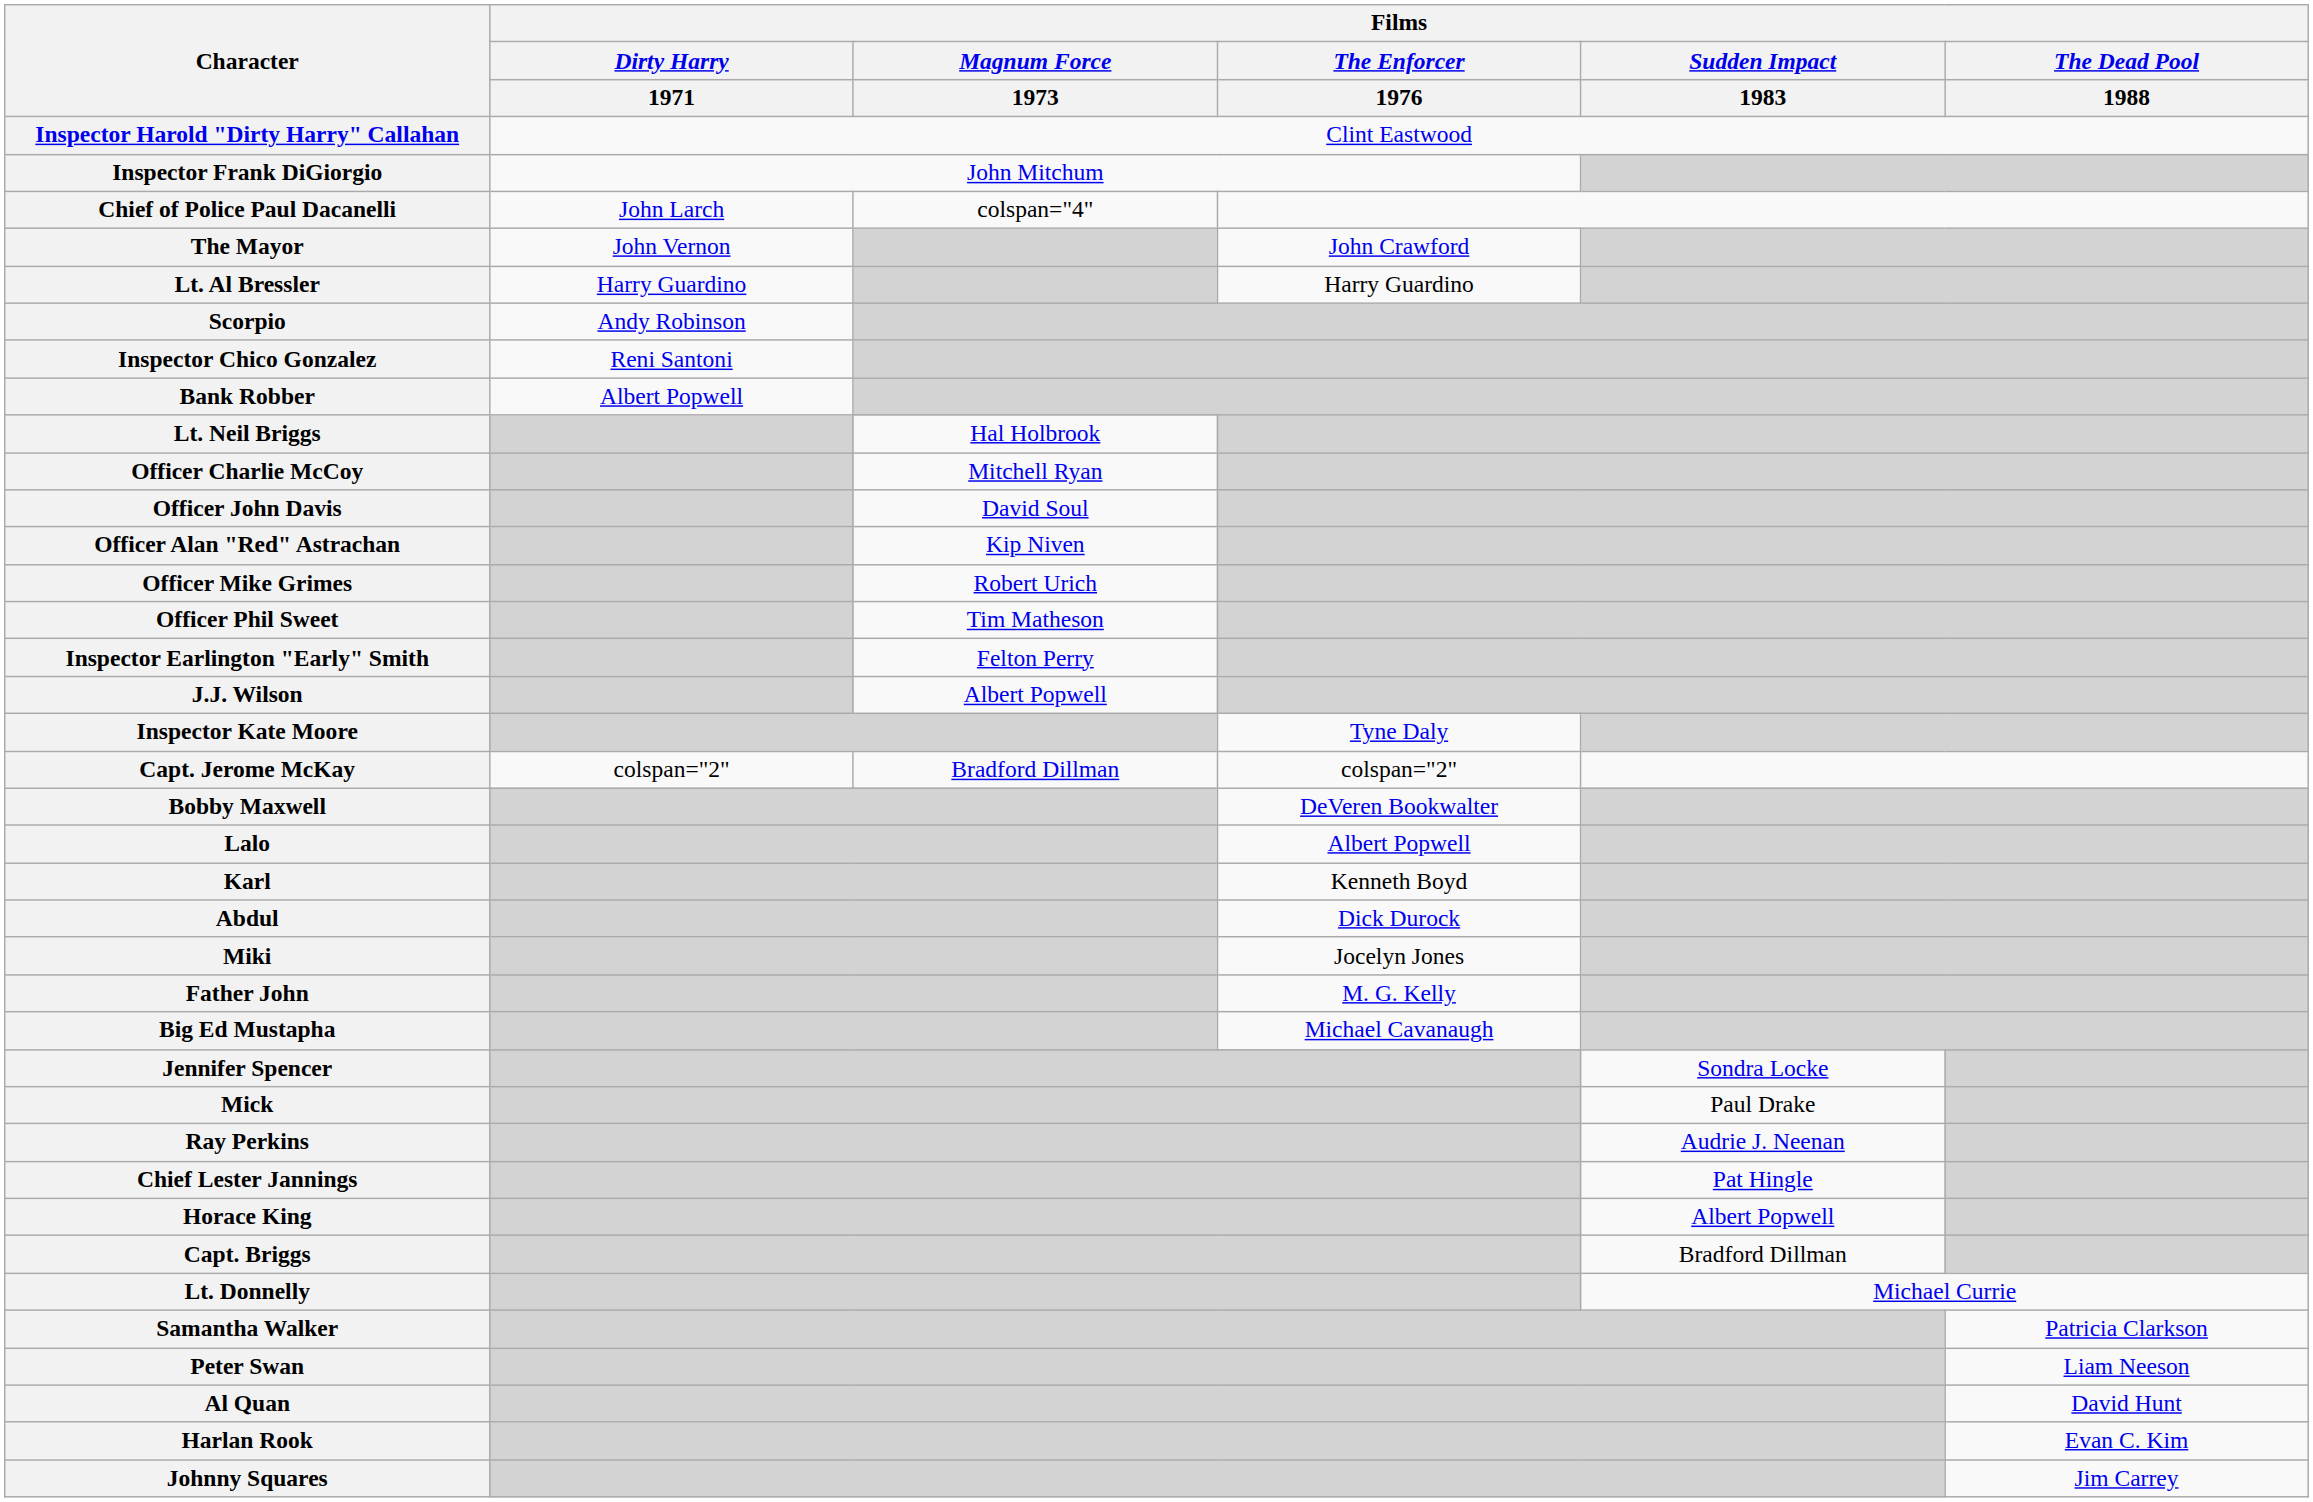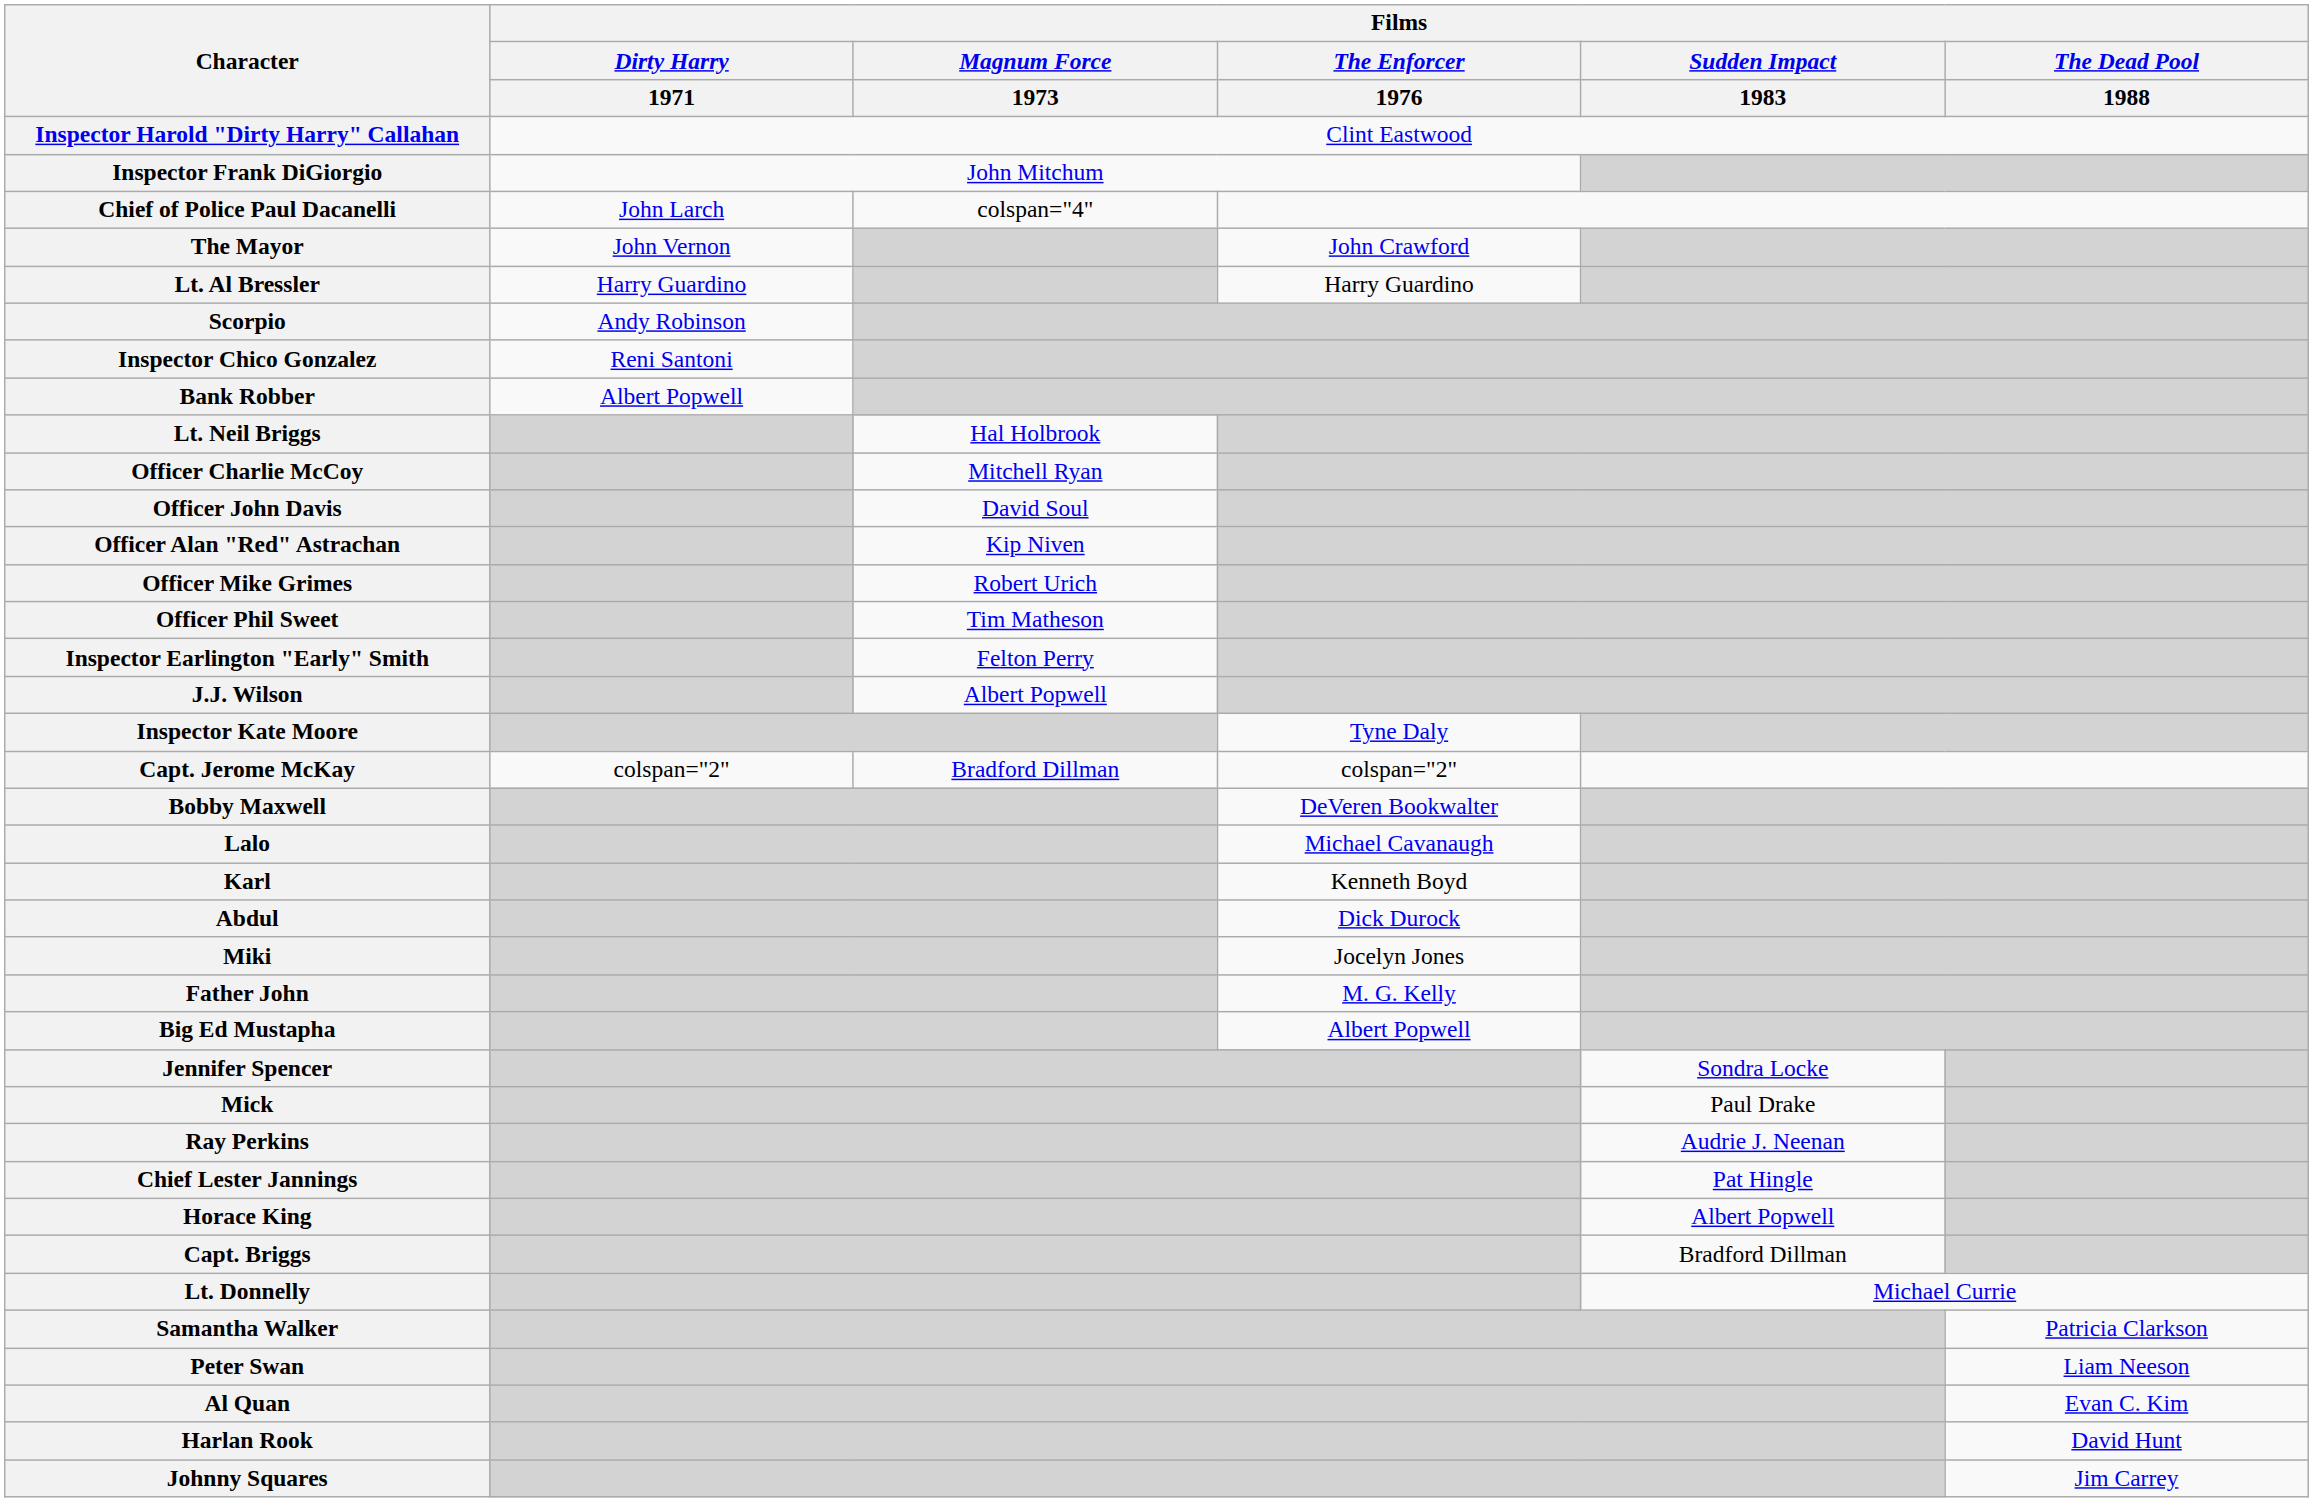 <table class="wikitable" style="text-align:center" width=99%>
 <tr>
 <th rowspan="3" width="20%">Character</th>
 <th colspan="5" align="center">Films</th>
 </tr>
 <tr>
 <th align="center" width="15%"><em><a href='#'>Dirty Harry</a></em></th>
 <th align="center" width="15%"><em><a href='#'>Magnum Force</a></em></th>
 <th align="center" width="15%"><em><a href='#'>The Enforcer</a></em></th>
 <th align="center" width="15%"><em><a href='#'>Sudden Impact</a></em></th>
 <th align="center" width="15%"><em><a href='#'>The Dead Pool</a></em></th>
 </tr>
 <tr>
 <th>1971</th>
 <th>1973</th>
 <th>1976</th>
 <th>1983</th>
 <th>1988</th>
 </tr>
 <tr>
 <th><a href='#'>Inspector Harold "Dirty Harry" Callahan</a></th>
 <td colspan="5"><a href='#'>Clint Eastwood</a></td>
 </tr>
 <tr>
 <th>Inspector Frank DiGiorgio</th>
 <td colspan="3"><a href='#'>John Mitchum</a></td>
 <td colspan="2" style="background:lightgrey;"> </td>
 </tr>
 <tr>
 <th>Chief of Police Paul Dacanelli</th>
 <td><a href='#'>John Larch</a></td>
 <td>colspan="4" </td>
 </tr>
 <tr>
 <th>The Mayor</th>
 <td colspan="1"><a href='#'>John Vernon</a></td>
 <td colspan="1" style="background:lightgrey;"> </td>
 <td colspan="1"><a href='#'>John Crawford</a></td>
 <td colspan="2" style="background:lightgrey;"> </td>
 </tr>
 <tr>
 <th>Lt. Al Bressler</th>
 <td colspan="1"><a href='#'>Harry Guardino</a></td>
 <td colspan="1" style="background:lightgrey;"> </td>
 <td colspan="1">Harry Guardino</td>
 <td colspan="2" style="background:lightgrey;"> </td>
 </tr>
 <tr>
 <th>Scorpio</th>
 <td colspan="1"><a href='#'>Andy Robinson</a></td>
 <td colspan="4" style="background:lightgrey;"> </td>
 </tr>
 <tr>
 <th>Inspector Chico Gonzalez</th>
 <td colspan="1"><a href='#'>Reni Santoni</a></td>
 <td colspan="4" style="background:lightgrey;"> </td>
 </tr>
 <tr>
 <th>Bank Robber</th>
 <td colspan="1"><a href='#'>Albert Popwell</a></td>
 <td colspan="4" style="background:lightgrey;"> </td>
 </tr>
 <tr>
 <th>Lt. Neil Briggs</th>
 <td colspan="1" style="background:lightgrey;"> </td>
 <td colspan="1"><a href='#'>Hal Holbrook</a></td>
 <td colspan="3" style="background:lightgrey;"> </td>
 </tr>
 <tr>
 <th>Officer Charlie McCoy</th>
 <td colspan="1" style="background:lightgrey;"> </td>
 <td colspan="1"><a href='#'>Mitchell Ryan</a></td>
 <td colspan="3" style="background:lightgrey;"> </td>
 </tr>
 <tr>
 <th>Officer John Davis</th>
 <td colspan="1" style="background:lightgrey;"> </td>
 <td colspan="1"><a href='#'>David Soul</a></td>
 <td colspan="3" style="background:lightgrey;"> </td>
 </tr>
 <tr>
 <th>Officer Alan "Red" Astrachan</th>
 <td colspan="1" style="background:lightgrey;"> </td>
 <td colspan="1"><a href='#'>Kip Niven</a></td>
 <td colspan="3" style="background:lightgrey;"> </td>
 </tr>
 <tr>
 <th>Officer Mike Grimes</th>
 <td colspan="1" style="background:lightgrey;"> </td>
 <td colspan="1"><a href='#'>Robert Urich</a></td>
 <td colspan="3" style="background:lightgrey;"> </td>
 </tr>
 <tr>
 <th>Officer Phil Sweet</th>
 <td colspan="1" style="background:lightgrey;"> </td>
 <td colspan="1"><a href='#'>Tim Matheson</a></td>
 <td colspan="3" style="background:lightgrey;"> </td>
 </tr>
 <tr>
 <th>Inspector Earlington "Early" Smith</th>
 <td colspan="1" style="background:lightgrey;"> </td>
 <td colspan="1"><a href='#'>Felton Perry</a></td>
 <td colspan="3" style="background:lightgrey;"> </td>
 </tr>
 <tr>
 <th>J.J. Wilson</th>
 <td colspan="1" style="background:lightgrey;"> </td>
 <td colspan="1"><a href='#'>Albert Popwell</a></td>
 <td colspan="3" style="background:lightgrey;"> </td>
 </tr>
 <tr>
 <th>Inspector Kate Moore</th>
 <td colspan="2" style="background:lightgrey;"> </td>
 <td colspan="1"><a href='#'>Tyne Daly</a></td>
 <td colspan="2" style="background:lightgrey;"> </td>
 </tr>
 <tr>
 <th>Capt. Jerome McKay</th>
 <td>colspan="2" </td>
 <td><a href='#'>Bradford Dillman</a></td>
 <td>colspan="2" </td>
 </tr>
 <tr>
 <th>Bobby Maxwell</th>
 <td colspan="2" style="background:lightgrey;"> </td>
 <td colspan="1"><a href='#'>DeVeren Bookwalter</a></td>
 <td colspan="2" style="background:lightgrey;"> </td>
 </tr>
 <tr>
 <th>Lalo</th>
 <td colspan="2" style="background:lightgrey;"> </td>
-<td colspan="1"><a href='#'>Albert Popwell</a></td>
+<td colspan="1"><a href='#'>Michael Cavanaugh</a></td>
 <td colspan="2" style="background:lightgrey;"> </td>
 </tr>
 <tr>
 <th>Karl</th>
 <td colspan="2" style="background:lightgrey;"> </td>
 <td colspan="1">Kenneth Boyd</td>
 <td colspan="2" style="background:lightgrey;"> </td>
 </tr>
 <tr>
 <th>Abdul</th>
 <td colspan="2" style="background:lightgrey;"> </td>
 <td colspan="1"><a href='#'>Dick Durock</a></td>
 <td colspan="2" style="background:lightgrey;"> </td>
 </tr>
 <tr>
 <th>Miki</th>
 <td colspan="2" style="background:lightgrey;"> </td>
 <td colspan="1">Jocelyn Jones</td>
 <td colspan="2" style="background:lightgrey;"> </td>
 </tr>
 <tr>
 <th>Father John</th>
 <td colspan="2" style="background:lightgrey;"> </td>
 <td colspan="1"><a href='#'>M. G. Kelly</a></td>
 <td colspan="2" style="background:lightgrey;"> </td>
 </tr>
 <tr>
 <th>Big Ed Mustapha</th>
 <td colspan="2" style="background:lightgrey;"> </td>
-<td colspan="1"><a href='#'>Michael Cavanaugh</a></td>
+<td colspan="1"><a href='#'>Albert Popwell</a></td>
 <td colspan="2" style="background:lightgrey;"> </td>
 </tr>
 <tr>
 <th>Jennifer Spencer</th>
 <td colspan="3" style="background:lightgrey;"> </td>
 <td colspan="1"><a href='#'>Sondra Locke</a></td>
 <td colspan="1" style="background:lightgrey;"> </td>
 </tr>
 <tr>
 <th>Mick</th>
 <td colspan="3" style="background:lightgrey;"> </td>
 <td colspan="1">Paul Drake</td>
 <td colspan="1" style="background:lightgrey;"> </td>
 </tr>
 <tr>
 <th>Ray Perkins</th>
 <td colspan="3" style="background:lightgrey;"> </td>
 <td colspan="1"><a href='#'>Audrie J. Neenan</a></td>
 <td colspan="1" style="background:lightgrey;"> </td>
 </tr>
 <tr>
 <th>Chief Lester Jannings</th>
 <td colspan="3" style="background:lightgrey;"> </td>
 <td colspan="1"><a href='#'>Pat Hingle</a></td>
 <td colspan="1" style="background:lightgrey;"> </td>
 </tr>
 <tr>
 <th>Horace King</th>
 <td colspan="3" style="background:lightgrey;"> </td>
 <td colspan="1"><a href='#'>Albert Popwell</a></td>
 <td colspan="1" style="background:lightgrey;"> </td>
 </tr>
 <tr>
 <th>Capt. Briggs</th>
 <td colspan="3" style="background:lightgrey"> </td>
 <td colspan="1">Bradford Dillman</td>
 <td colspan="1" style="background:lightgrey"> </td>
 </tr>
 <tr>
 <th>Lt. Donnelly</th>
 <td colspan="3" style="background:lightgrey"> </td>
 <td colspan="2"><a href='#'>Michael Currie</a></td>
 </tr>
 <tr>
 <th>Samantha Walker</th>
 <td colspan="4" style="background:lightgrey;"> </td>
 <td colspan="1"><a href='#'>Patricia Clarkson</a></td>
 </tr>
 <tr>
 <th>Peter Swan</th>
 <td colspan="4" style="background:lightgrey;"> </td>
 <td colspan="1"><a href='#'>Liam Neeson</a></td>
 </tr>
 <tr>
 <th>Al Quan</th>
 <td colspan="4" style="background:lightgrey;"> </td>
-<td colspan="1"><a href='#'>David Hunt</a></td>
+<td colspan="1"><a href='#'>Evan C. Kim</a></td>
 </tr>
 <tr>
 <th>Harlan Rook</th>
 <td colspan="4" style="background:lightgrey;"> </td>
-<td colspan="1"><a href='#'>Evan C. Kim</a></td>
+<td colspan="1"><a href='#'>David Hunt</a></td>
 </tr>
 <tr>
 <th>Johnny Squares</th>
 <td colspan="4" style="background:lightgrey;"> </td>
 <td colspan="1"><a href='#'>Jim Carrey</a></td>
 </tr>
 </table>
